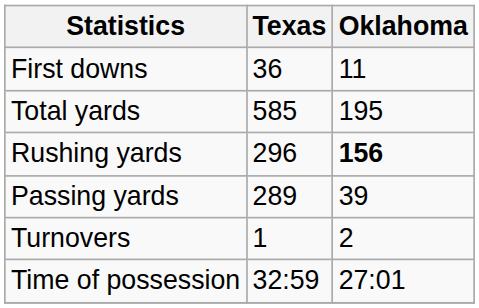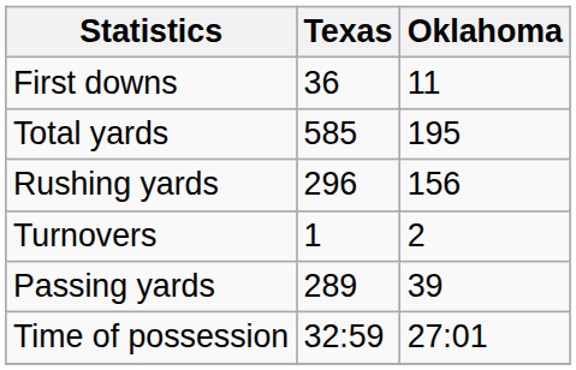 <table class="wikitable" style="float: left;">
 <tr>
 <th>Statistics</th>
 <th>Texas</th>
 <th>Oklahoma</th>
 </tr>
 <tr>
 <td>First downs</td>
 <td>36</td>
 <td>11</td>
 </tr>
 <tr>
 <td>Total yards</td>
 <td>585</td>
 <td>195</td>
 </tr>
 <tr>
 <td>Rushing yards</td>
 <td>296</td>
-<td><strong>156</strong></td>
+<td>156</td>
+</tr>
+<tr>
+<td>Turnovers</td>
+<td>1</td>
+<td>2</td>
 </tr>
 <tr>
 <td>Passing yards</td>
 <td>289</td>
 <td>39</td>
-</tr>
-<tr>
-<td>Turnovers</td>
-<td>1</td>
-<td>2</td>
 </tr>
 <tr>
 <td>Time of possession</td>
 <td>32:59</td>
 <td>27:01</td>
 </tr>
 <tr>
 </tr>
 </table>
